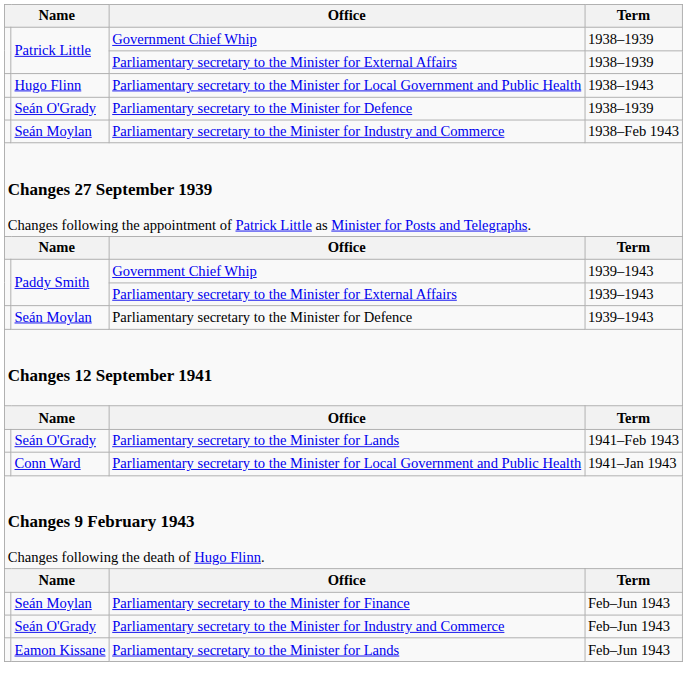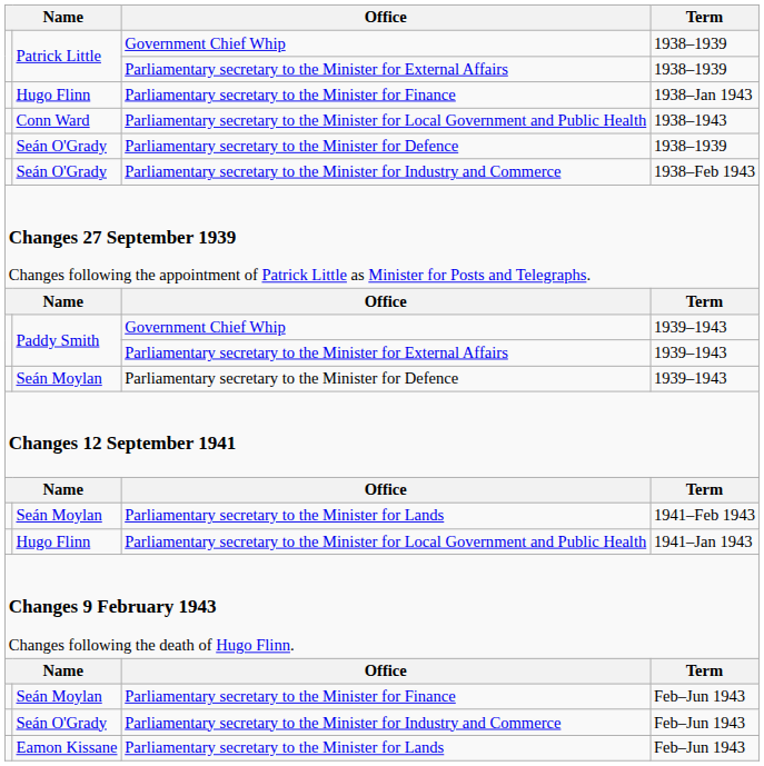 <table class="wikitable">
 <tr>
 <th colspan="2">Name</th>
 <th>Office</th>
 <th>Term</th>
 </tr>
 <tr>
 <td rowspan="2" style="background-color: "></td>
 <td rowspan="2"><a href='#'>Patrick Little</a></td>
 <td><a href='#'>Government Chief Whip</a></td>
 <td>1938–1939</td>
 </tr>
 <tr>
 <td><a href='#'>Parliamentary secretary to the Minister for External Affairs</a></td>
 <td>1938–1939</td>
 </tr>
 <tr>
 <td style="background-color: "></td>
 <td><a href='#'>Hugo Flinn</a></td>
+<td><a href='#'>Parliamentary secretary to the Minister for Finance</a></td>
+<td>1938–Jan 1943</td>
+</tr>
+<tr>
+<td style="background-color: "></td>
+<td><a href='#'>Conn Ward</a></td>
 <td><a href='#'>Parliamentary secretary to the Minister for Local Government and Public Health</a></td>
 <td>1938–1943</td>
 </tr>
 <tr>
 <td style="background-color: "></td>
 <td><a href='#'>Seán O'Grady</a></td>
 <td><a href='#'>Parliamentary secretary to the Minister for Defence</a></td>
 <td>1938–1939</td>
 </tr>
 <tr>
 <td style="background-color: "></td>
-<td><a href='#'>Seán Moylan</a></td>
+<td><a href='#'>Seán O'Grady</a></td>
 <td><a href='#'>Parliamentary secretary to the Minister for Industry and Commerce</a></td>
 <td>1938–Feb 1943</td>
 </tr>
 <tr>
 <td colspan="4"><br><h3>Changes 27 September 1939</h3>Changes following the appointment of <a href='#'>Patrick Little</a> as <a href='#'>Minister for Posts and Telegraphs</a>.</td>
 </tr>
 <tr>
 <th colspan="2">Name</th>
 <th>Office</th>
 <th>Term</th>
 </tr>
 <tr>
 <td rowspan="2" style="background-color: "></td>
 <td rowspan="2"><a href='#'>Paddy Smith</a></td>
 <td><a href='#'>Government Chief Whip</a></td>
 <td>1939–1943</td>
 </tr>
 <tr>
 <td><a href='#'>Parliamentary secretary to the Minister for External Affairs</a></td>
 <td>1939–1943</td>
 </tr>
 <tr>
 <td style="background-color: "></td>
 <td><a href='#'>Seán Moylan</a></td>
 <td>Parliamentary secretary to the Minister for Defence</td>
 <td>1939–1943</td>
 </tr>
 <tr>
 <td colspan="4"><br><h3>Changes 12 September 1941</h3></td>
 </tr>
 <tr>
 <th colspan="2">Name</th>
 <th>Office</th>
 <th>Term</th>
 </tr>
 <tr>
 <td style="background-color: "></td>
-<td><a href='#'>Seán O'Grady</a></td>
+<td><a href='#'>Seán Moylan</a></td>
 <td><a href='#'>Parliamentary secretary to the Minister for Lands</a></td>
 <td>1941–Feb 1943</td>
 </tr>
 <tr>
 <td style="background-color: "></td>
-<td><a href='#'>Conn Ward</a></td>
+<td><a href='#'>Hugo Flinn</a></td>
 <td><a href='#'>Parliamentary secretary to the Minister for Local Government and Public Health</a></td>
 <td>1941–Jan 1943</td>
 </tr>
 <tr>
 <td colspan="4"><br><h3>Changes 9 February 1943</h3>Changes following the death of <a href='#'>Hugo Flinn</a>.</td>
 </tr>
 <tr>
 <th colspan="2">Name</th>
 <th>Office</th>
 <th>Term</th>
 </tr>
 <tr>
 <td style="background-color: "></td>
 <td><a href='#'>Seán Moylan</a></td>
 <td><a href='#'>Parliamentary secretary to the Minister for Finance</a></td>
 <td>Feb–Jun 1943</td>
 </tr>
 <tr>
 <td style="background-color: "></td>
 <td><a href='#'>Seán O'Grady</a></td>
 <td><a href='#'>Parliamentary secretary to the Minister for Industry and Commerce</a></td>
 <td>Feb–Jun 1943</td>
 </tr>
 <tr>
 <td style="background-color: "></td>
 <td><a href='#'>Eamon Kissane</a></td>
 <td><a href='#'>Parliamentary secretary to the Minister for Lands</a></td>
 <td>Feb–Jun 1943</td>
 </tr>
 </table>
